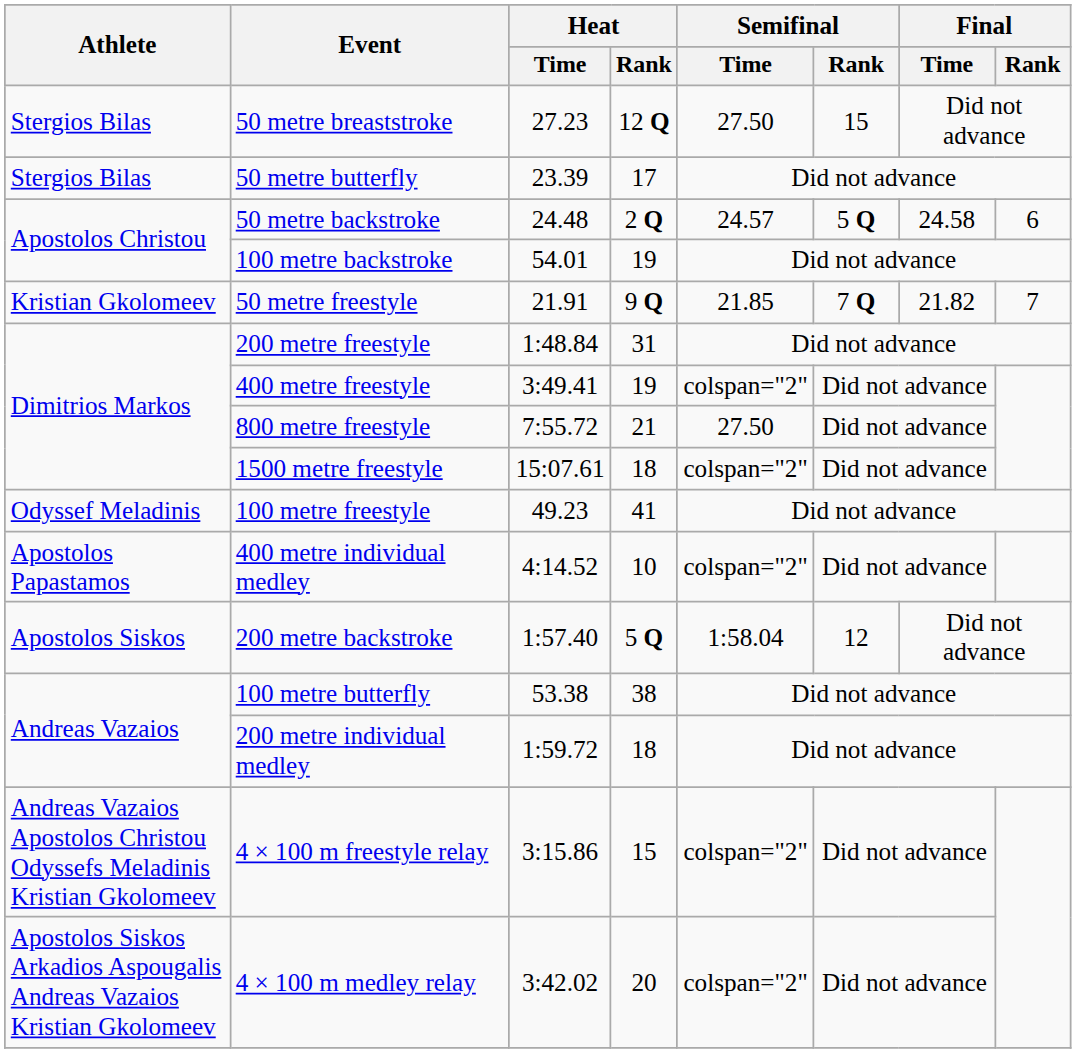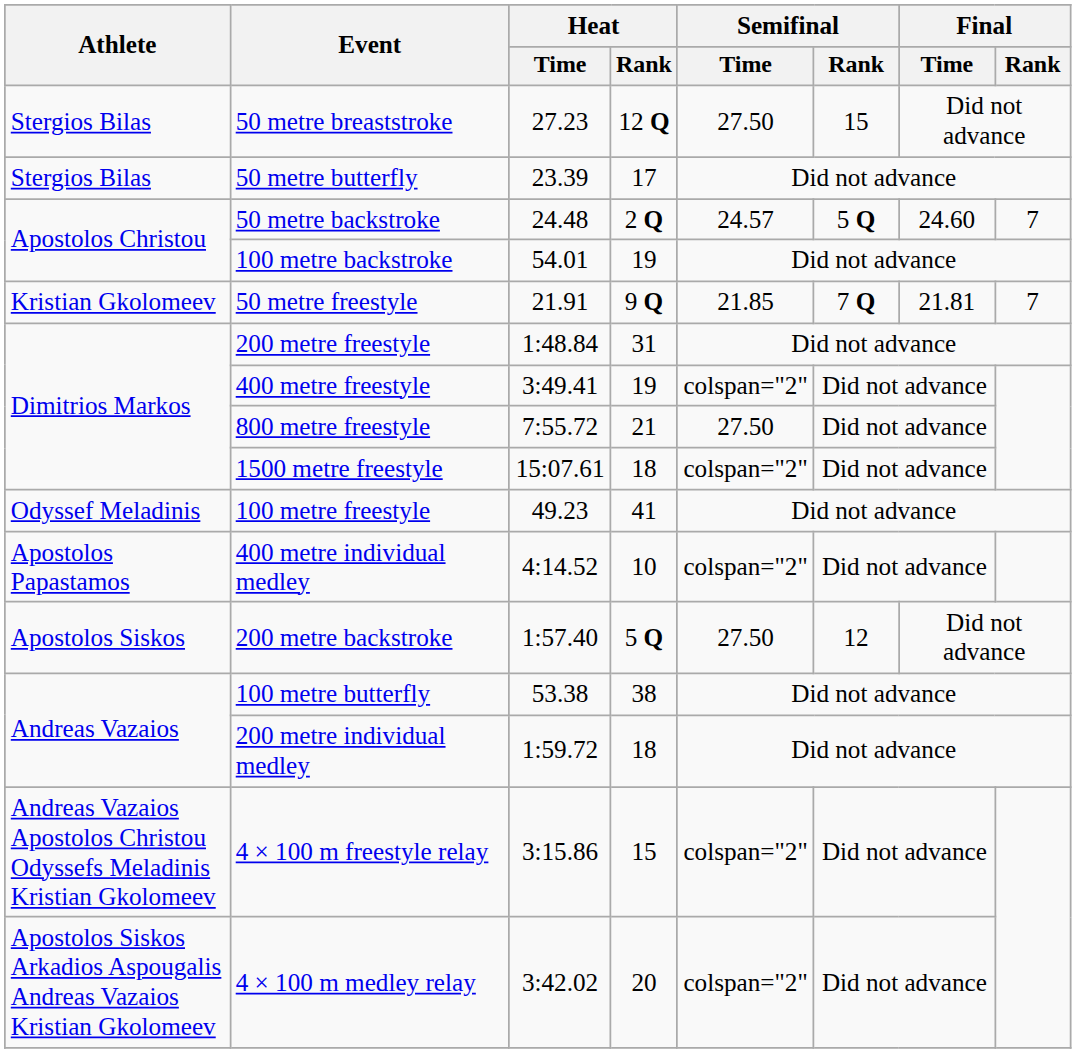 <table class="wikitable" style="text-align:center; font-size:90%">
 <tr>
 <th rowspan="2">Athlete</th>
 <th rowspan="2">Event</th>
 <th colspan="2">Heat</th>
 <th colspan="2">Semifinal</th>
 <th colspan="2">Final</th>
 </tr>
 <tr style="font-size:95%">
 <th>Time</th>
 <th>Rank</th>
 <th>Time</th>
 <th>Rank</th>
 <th>Time</th>
 <th>Rank</th>
 </tr>
 <tr>
 <td align=left><a href='#'>Stergios Bilas</a></td>
 <td align=left><a href='#'>50 metre breaststroke</a></td>
 <td>27.23</td>
 <td>12 <strong>Q</strong></td>
 <td>27.50</td>
 <td>15</td>
 <td colspan="2">Did not advance</td>
 </tr>
 <tr>
 <td align=left><a href='#'>Stergios Bilas</a></td>
 <td align=left><a href='#'>50 metre butterfly</a></td>
 <td>23.39</td>
 <td>17</td>
 <td colspan="4">Did not advance</td>
 </tr>
 <tr>
 <td align=left rowspan=2><a href='#'>Apostolos Christou</a></td>
 <td align=left><a href='#'>50 metre backstroke</a></td>
 <td>24.48</td>
 <td>2 <strong>Q</strong></td>
 <td>24.57</td>
 <td>5 <strong>Q</strong></td>
-<td>24.58</td>
-<td>6</td>
+<td>24.60</td>
+<td>7</td>
 </tr>
 <tr>
 <td align=left><a href='#'>100 metre backstroke</a></td>
 <td>54.01</td>
 <td>19</td>
 <td colspan="4">Did not advance</td>
 </tr>
 <tr>
 <td align=left><a href='#'>Kristian Gkolomeev</a></td>
 <td align=left><a href='#'>50 metre freestyle</a></td>
 <td>21.91</td>
 <td>9 <strong>Q</strong></td>
 <td>21.85</td>
 <td>7 <strong>Q</strong></td>
-<td>21.82</td>
+<td>21.81</td>
 <td>7</td>
 </tr>
 <tr>
 <td align=left rowspan=4><a href='#'>Dimitrios Markos</a></td>
 <td align=left><a href='#'>200 metre freestyle</a></td>
 <td>1:48.84</td>
 <td>31</td>
 <td colspan="4">Did not advance</td>
 </tr>
 <tr>
 <td align=left><a href='#'>400 metre freestyle</a></td>
 <td>3:49.41</td>
 <td>19</td>
 <td>colspan="2" </td>
 <td colspan="2">Did not advance</td>
 </tr>
 <tr>
 <td align=left><a href='#'>800 metre freestyle</a></td>
 <td>7:55.72</td>
 <td>21</td>
 <td>27.50</td>
 <td colspan="2">Did not advance</td>
 </tr>
 <tr>
 <td align=left><a href='#'>1500 metre freestyle</a></td>
 <td>15:07.61</td>
 <td>18</td>
 <td>colspan="2" </td>
 <td colspan="2">Did not advance</td>
 </tr>
 <tr>
 <td align=left><a href='#'>Odyssef Meladinis</a></td>
 <td align=left><a href='#'>100 metre freestyle</a></td>
 <td>49.23</td>
 <td>41</td>
 <td colspan="4">Did not advance</td>
 </tr>
 <tr>
 <td align=left><a href='#'>Apostolos Papastamos</a></td>
 <td align=left><a href='#'>400 metre individual medley</a></td>
 <td>4:14.52</td>
 <td>10</td>
 <td>colspan="2" </td>
 <td colspan="2">Did not advance</td>
 </tr>
 <tr>
 <td align=left><a href='#'>Apostolos Siskos</a></td>
 <td align=left><a href='#'>200 metre backstroke</a></td>
 <td>1:57.40</td>
 <td>5 <strong>Q</strong></td>
-<td>1:58.04</td>
+<td>27.50</td>
 <td>12</td>
 <td colspan="2">Did not advance</td>
 </tr>
 <tr>
 <td align=left rowspan=2><a href='#'>Andreas Vazaios</a></td>
 <td align=left><a href='#'>100 metre butterfly</a></td>
 <td>53.38</td>
 <td>38</td>
 <td colspan=4>Did not advance</td>
 </tr>
 <tr>
 <td align=left><a href='#'>200 metre individual medley</a></td>
 <td>1:59.72</td>
 <td>18</td>
 <td colspan="4">Did not advance</td>
 </tr>
 <tr align=center>
 <td align=left><a href='#'>Andreas Vazaios</a><br><a href='#'>Apostolos Christou</a> <br><a href='#'>Odyssefs Meladinis</a><br><a href='#'>Kristian Gkolomeev</a></td>
 <td align=left><a href='#'>4 × 100 m freestyle relay</a></td>
 <td>3:15.86</td>
 <td>15</td>
 <td>colspan="2"  </td>
 <td colspan="2">Did not advance</td>
 </tr>
 <tr>
 <td align=left><a href='#'>Apostolos Siskos</a> <br><a href='#'>Arkadios Aspougalis</a> <br><a href='#'>Andreas Vazaios</a> <br><a href='#'>Kristian Gkolomeev</a></td>
 <td align=left><a href='#'>4 × 100 m medley relay</a></td>
 <td>3:42.02</td>
 <td>20</td>
 <td>colspan="2" </td>
 <td colspan=2>Did not advance</td>
 </tr>
 </table>
